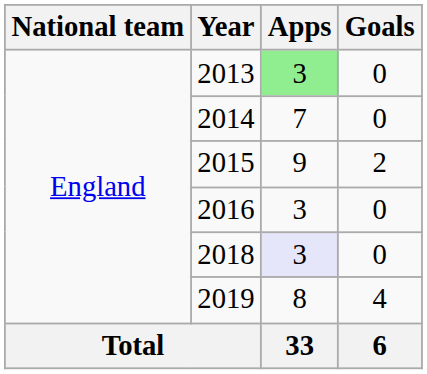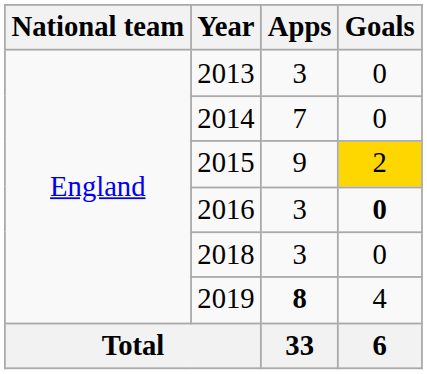 <table class="wikitable" style="text-align: center;">
 <tr>
 <th>National team</th>
 <th>Year</th>
 <th>Apps</th>
 <th>Goals</th>
 </tr>
 <tr>
 <td rowspan="6"><a href='#'>England</a></td>
 <td>2013</td>
-<td style="background: lightgreen;">3</td>
+<td>3</td>
 <td>0</td>
 </tr>
 <tr>
 <td>2014</td>
 <td>7</td>
 <td>0</td>
 </tr>
 <tr>
 <td>2015</td>
 <td>9</td>
-<td>2</td>
+<td style="background: gold;">2</td>
 </tr>
 <tr>
 <td>2016</td>
 <td>3</td>
-<td>0</td>
+<td><strong>0</strong></td>
 </tr>
 <tr>
 <td>2018</td>
-<td style="background: lavender;">3</td>
+<td>3</td>
 <td>0</td>
 </tr>
 <tr>
 <td>2019</td>
-<td>8</td>
+<td><strong>8</strong></td>
 <td>4</td>
 </tr>
 <tr>
 <th colspan="2">Total</th>
 <th>33</th>
 <th>6</th>
 </tr>
 </table>
